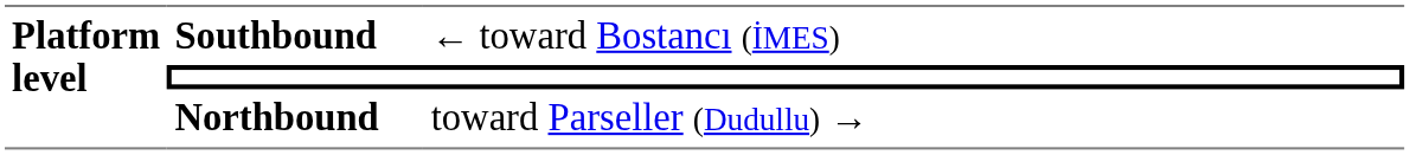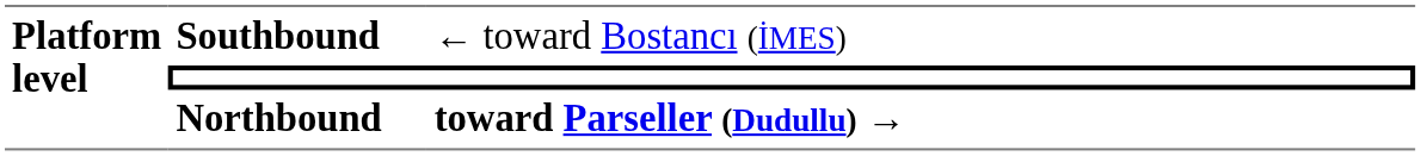 <table cellpadding="3" cellspacing="0" border="0">
 <tr>
 <td rowspan="3" width="50" style="border-top-color: gray; border-bottom-color: gray; border-top-width: 1px; border-bottom-width: 1px; border-top-style: solid; border-bottom-style: solid;" valign="top"><strong>Platform level</strong></td>
 <td width="100" style="border-top-color: gray; border-top-width: 1px; border-top-style: solid;"><strong>Southbound</strong></td>
 <td width="400" style="border-top-color: gray; border-top-width: 1px; border-top-style: solid;">←  toward <a href='#'>Bostancı</a> <small>(<a href='#'>İMES</a>)</small></td>
 </tr>
 <tr>
 <td colspan="2" style="border: 2px solid black; border-image: none; text-align: center;"></td>
 </tr>
 <tr>
 <td style="border-bottom-color: gray; border-bottom-width: 1px; border-bottom-style: solid;"><strong>Northbound</strong></td>
-<td style="border-bottom-color: gray; border-bottom-width: 1px; border-bottom-style: solid;"> toward <a href='#'>Parseller</a> <small>(<a href='#'>Dudullu</a>)</small> →</td>
+<td style="border-bottom-color: gray; border-bottom-width: 1px; border-bottom-style: solid;"><strong> toward <a href='#'>Parseller</a> <small>(<a href='#'>Dudullu</a>)</small> →</strong></td>
 </tr>
 </table>
